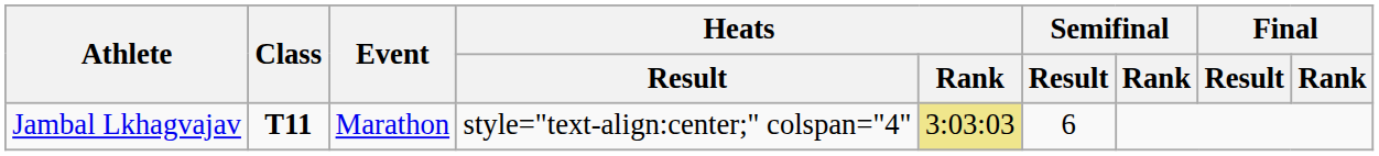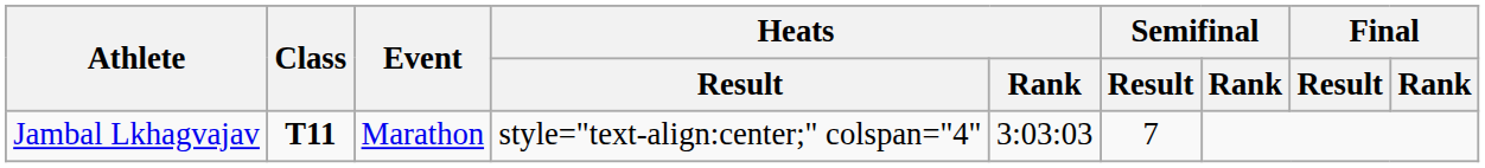 <table class=wikitable style="font-size:90%">
 <tr>
 <th rowspan="2">Athlete</th>
 <th rowspan="2">Class</th>
 <th rowspan="2">Event</th>
 <th colspan="2">Heats</th>
 <th colspan="2">Semifinal</th>
 <th colspan="3">Final</th>
 </tr>
 <tr>
 <th>Result</th>
 <th>Rank</th>
 <th>Result</th>
 <th>Rank</th>
 <th>Result</th>
 <th>Rank</th>
 </tr>
 <tr>
 <td><a href='#'>Jambal Lkhagvajav</a></td>
 <td style="text-align:center;"><strong>T11</strong></td>
 <td><a href='#'>Marathon</a></td>
 <td>style="text-align:center;" colspan="4" </td>
-<td style="background: khaki; text-align:center;">3:03:03</td>
-<td style="text-align:center;">6</td>
+<td style="text-align:center;">3:03:03</td>
+<td style="text-align:center;">7</td>
 </tr>
 </table>
